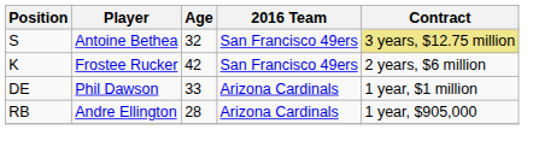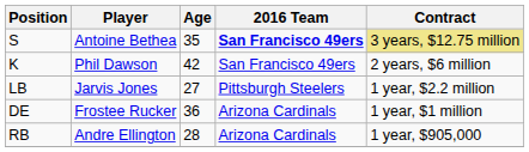 <table class="wikitable" style="font-size: 95%; text-align: left">
 <tr>
 <th>Position</th>
 <th>Player</th>
 <th>Age</th>
 <th>2016 Team</th>
 <th>Contract</th>
 </tr>
 <tr>
 <td>S</td>
 <td><a href='#'>Antoine Bethea</a></td>
-<td>32</td>
-<td><a href='#'>San Francisco 49ers</a></td>
+<td>35</td>
+<td><strong><a href='#'>San Francisco 49ers</a></strong></td>
 <td style="background: khaki;">3 years, $12.75 million</td>
 </tr>
 <tr>
 <td>K</td>
-<td><a href='#'>Frostee Rucker</a></td>
+<td><a href='#'>Phil Dawson</a></td>
 <td>42</td>
 <td><a href='#'>San Francisco 49ers</a></td>
 <td>2 years, $6 million</td>
 </tr>
 <tr>
+<td>LB</td>
+<td><a href='#'>Jarvis Jones</a></td>
+<td>27</td>
+<td><a href='#'>Pittsburgh Steelers</a></td>
+<td>1 year, $2.2 million</td>
+</tr>
+<tr>
 <td>DE</td>
-<td><a href='#'>Phil Dawson</a></td>
-<td>33</td>
+<td><a href='#'>Frostee Rucker</a></td>
+<td>36</td>
 <td><a href='#'>Arizona Cardinals</a></td>
 <td>1 year, $1 million</td>
 </tr>
 <tr>
 <td>RB</td>
 <td><a href='#'>Andre Ellington</a></td>
 <td>28</td>
 <td><a href='#'>Arizona Cardinals</a></td>
 <td>1 year, $905,000</td>
 </tr>
 <tr>
 </tr>
 </table>
